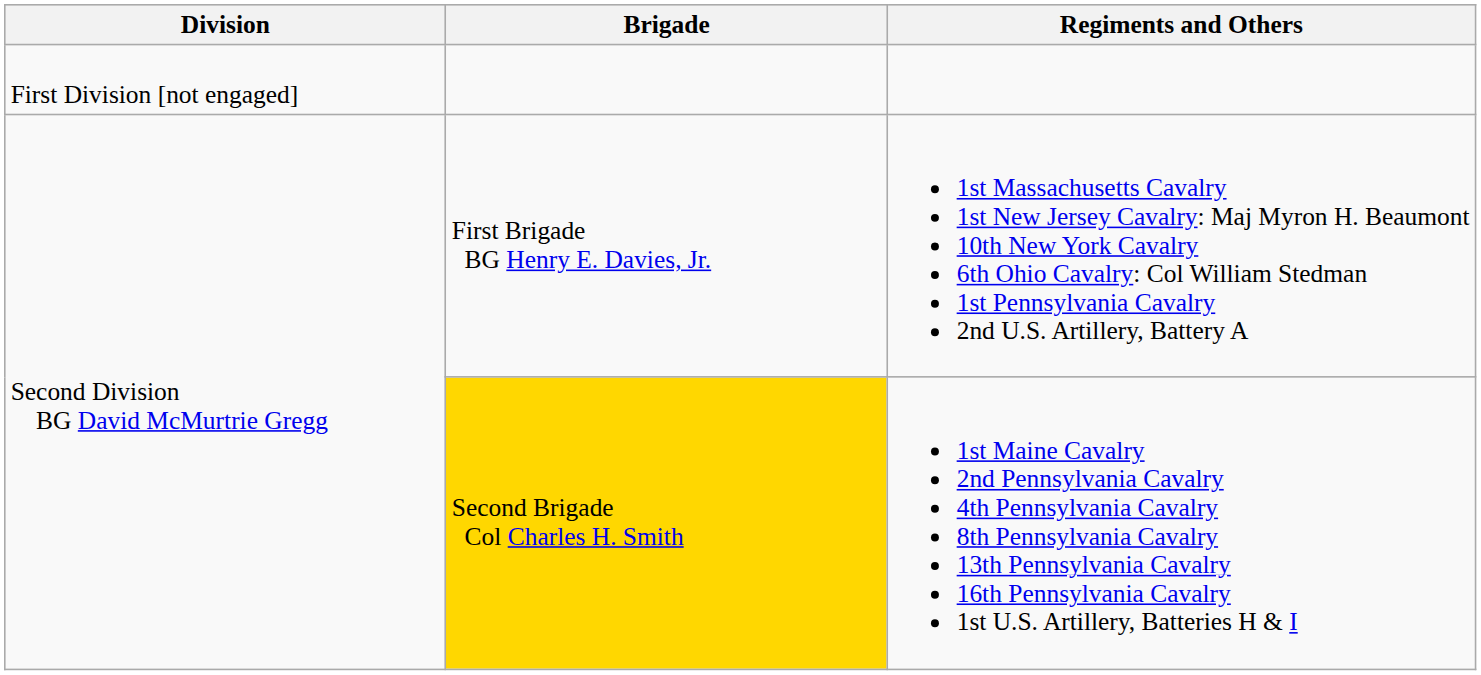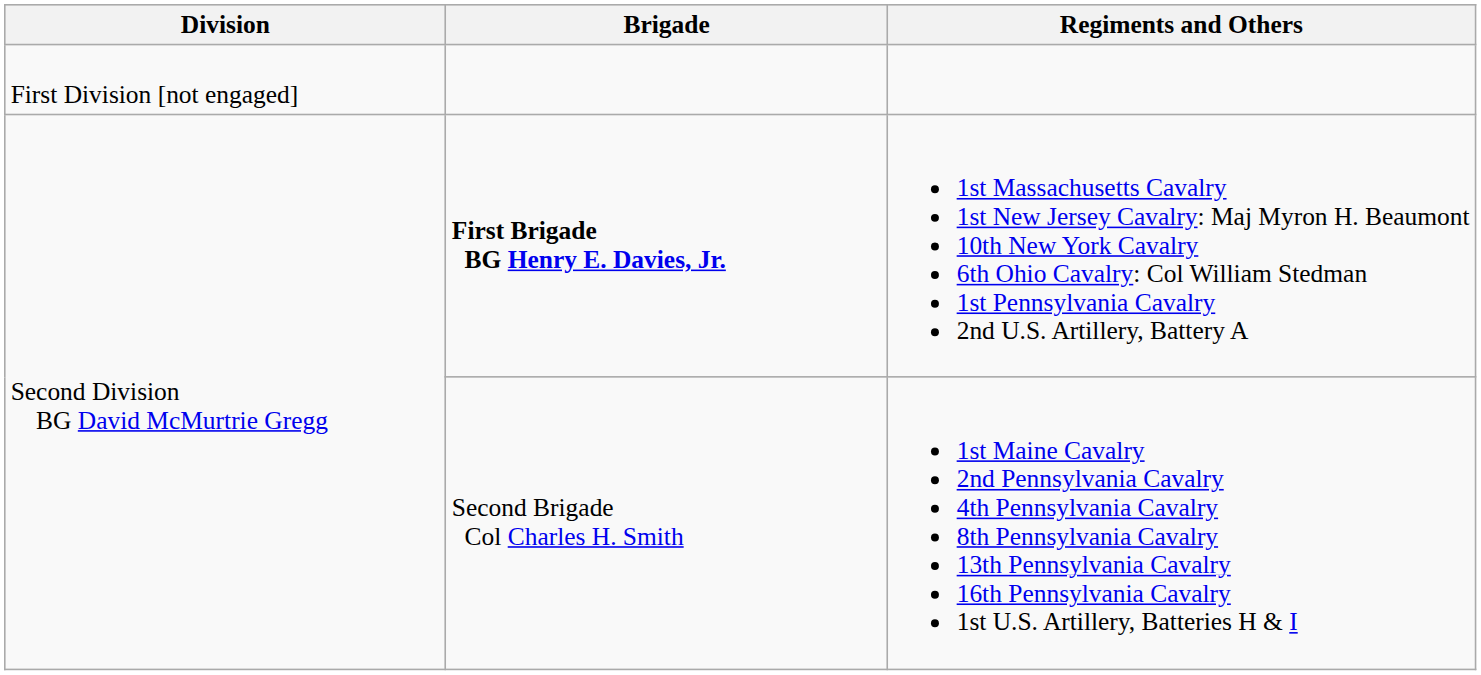 <table class="wikitable">
 <tr>
 <th width=30%>Division</th>
 <th width=30%>Brigade</th>
 <th>Regiments and Others</th>
 </tr>
 <tr>
 <td rowspan = 1><br>First Division [not engaged]</td>
 <td></td>
 <td></td>
 </tr>
 <tr>
 <td rowspan = 2><br>Second Division <br>    BG <a href='#'>David McMurtrie Gregg</a></td>
-<td>First Brigade<br>  BG <a href='#'>Henry E. Davies, Jr.</a></td>
+<td><strong>First Brigade<br>  BG <a href='#'>Henry E. Davies, Jr.</a></strong></td>
 <td><br><ul><li><a href='#'>1st Massachusetts Cavalry</a></li><li><a href='#'>1st New Jersey Cavalry</a>: Maj Myron H. Beaumont</li><li><a href='#'>10th New York Cavalry</a></li><li><a href='#'>6th Ohio Cavalry</a>: Col William Stedman</li><li><a href='#'>1st Pennsylvania Cavalry</a></li><li>2nd U.S. Artillery, Battery A</li></ul></td>
 </tr>
 <tr>
-<td style="background: gold;">Second Brigade<br>  Col <a href='#'>Charles H. Smith</a></td>
+<td>Second Brigade<br>  Col <a href='#'>Charles H. Smith</a></td>
 <td><br><ul><li><a href='#'>1st Maine Cavalry</a></li><li><a href='#'>2nd Pennsylvania Cavalry</a></li><li><a href='#'>4th Pennsylvania Cavalry</a></li><li><a href='#'>8th Pennsylvania Cavalry</a></li><li><a href='#'>13th Pennsylvania Cavalry</a></li><li><a href='#'>16th Pennsylvania Cavalry</a></li><li>1st U.S. Artillery, Batteries H & <a href='#'>I</a></li></ul></td>
 </tr>
 </table>
